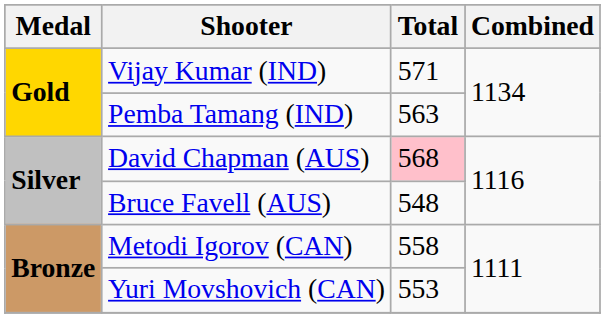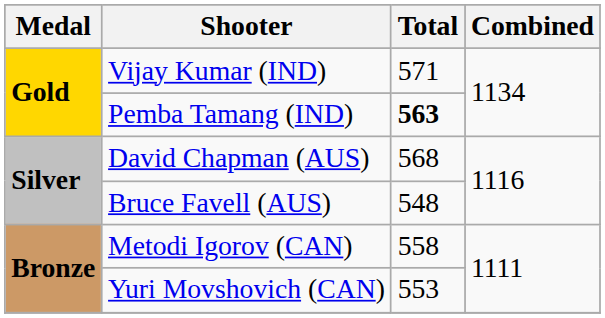 <table class="wikitable">
 <tr>
 <th>Medal</th>
 <th>Shooter</th>
 <th>Total</th>
 <th>Combined</th>
 </tr>
 <tr>
 <td rowspan="2" bgcolor="gold"><strong>Gold</strong></td>
 <td> <a href='#'>Vijay Kumar</a> (<a href='#'>IND</a>)</td>
 <td>571</td>
 <td rowspan="2">1134</td>
 </tr>
 <tr>
 <td> <a href='#'>Pemba Tamang</a> (<a href='#'>IND</a>)</td>
-<td>563</td>
+<td><strong>563</strong></td>
 </tr>
 <tr>
 <td rowspan="2" bgcolor="silver"><strong>Silver</strong></td>
 <td> <a href='#'>David Chapman</a> (<a href='#'>AUS</a>)</td>
-<td style="background: pink;">568</td>
+<td>568</td>
 <td rowspan="2">1116</td>
 </tr>
 <tr>
 <td> <a href='#'>Bruce Favell</a> (<a href='#'>AUS</a>)</td>
 <td>548</td>
 </tr>
 <tr>
 <td rowspan="2" bgcolor="cc9966"><strong>Bronze</strong></td>
 <td> <a href='#'>Metodi Igorov</a> (<a href='#'>CAN</a>)</td>
 <td>558</td>
 <td rowspan="2">1111</td>
 </tr>
 <tr>
 <td> <a href='#'>Yuri Movshovich</a> (<a href='#'>CAN</a>)</td>
 <td>553</td>
 </tr>
 <tr>
 </tr>
 </table>
